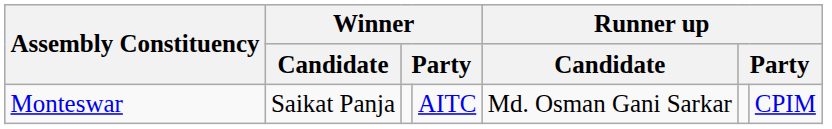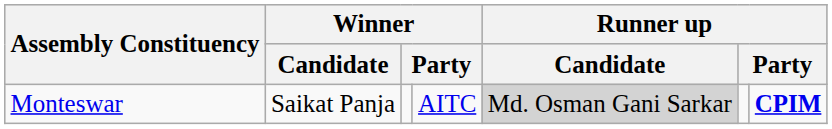 <table class="wikitable">
 <tr>
 <th Rowspan="2">Assembly Constituency</th>
 <th Colspan="3">Winner</th>
 <th Colspan="3">Runner up</th>
 </tr>
 <tr>
 <th>Candidate</th>
 <th Colspan="2">Party</th>
 <th>Candidate</th>
 <th Colspan="2">Party</th>
 </tr>
 <tr>
 <td><a href='#'>Monteswar</a></td>
 <td>Saikat Panja</td>
 <td bgcolor =></td>
 <td><a href='#'>AITC</a></td>
-<td>Md. Osman Gani Sarkar</td>
+<td style="background: lightgrey;">Md. Osman Gani Sarkar</td>
 <td bgcolor =></td>
-<td><a href='#'>CPIM</a></td>
+<td><strong><a href='#'>CPIM</a></strong></td>
 </tr>
 </table>
